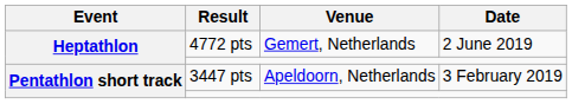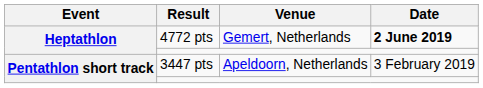 <table class="wikitable">
 <tr>
 <th scope="col">Event</th>
 <th scope="col">Result</th>
 <th scope="col">Venue</th>
 <th scope="col">Date</th>
 </tr>
 <tr>
 <th scope="rowgroup" rowspan="2"><a href='#'>Heptathlon</a></th>
 <td>4772 pts</td>
 <td><a href='#'>Gemert</a>, Netherlands</td>
-<td>2 June 2019</td>
+<td><strong>2 June 2019</strong></td>
 </tr>
 <tr>
 <td colspan="3"></td>
 </tr>
 <tr>
 <th scope="rowgroup" rowspan="2"><a href='#'>Pentathlon</a> short track</th>
 <td>3447 pts </td>
 <td><a href='#'>Apeldoorn</a>, Netherlands</td>
 <td>3 February 2019</td>
 </tr>
 <tr>
 <td colspan="3"></td>
 </tr>
 </table>
